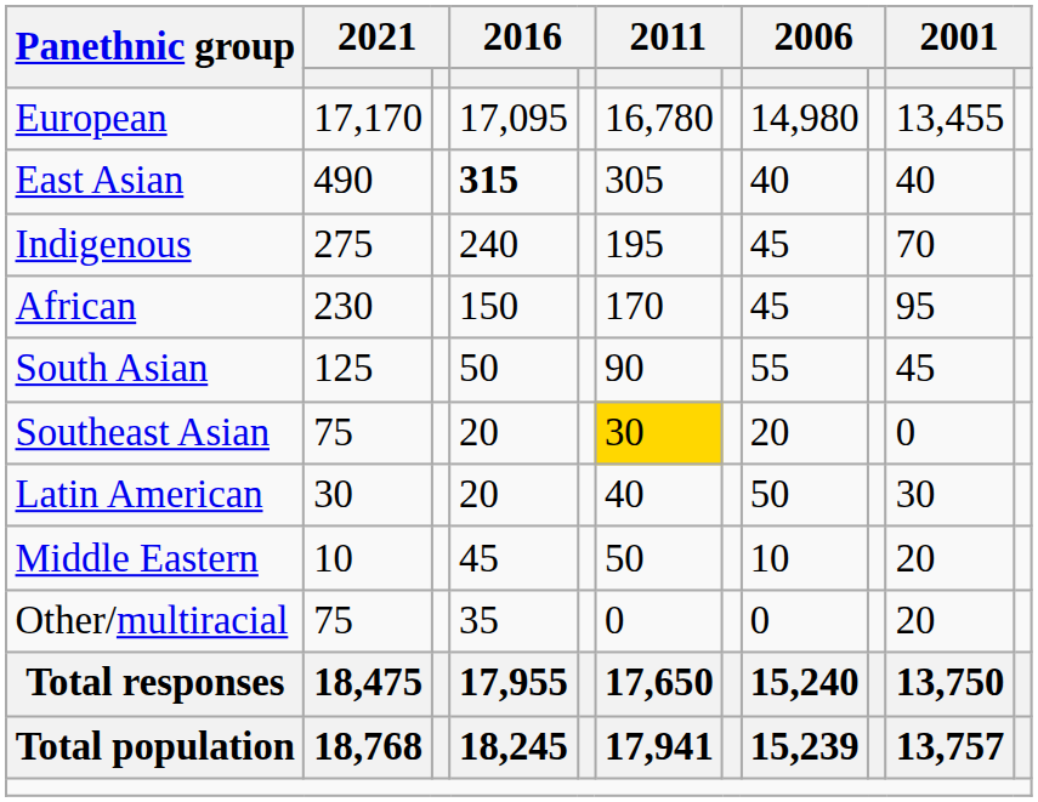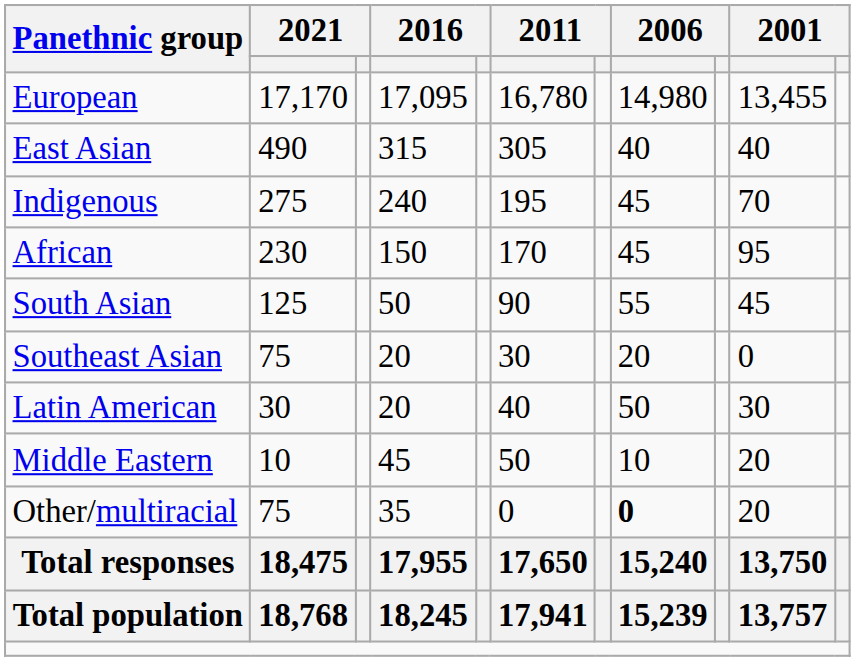 <table class="wikitable collapsible sortable">
 <tr>
 <th rowspan="2"><a href='#'>Panethnic</a> group</th>
 <th colspan="2">2021</th>
 <th colspan="2">2016</th>
 <th colspan="2">2011</th>
 <th colspan="2">2006</th>
 <th colspan="2">2001</th>
 </tr>
 <tr>
 <th><a href='#'></a></th>
 <th></th>
 <th></th>
 <th></th>
 <th></th>
 <th></th>
 <th></th>
 <th></th>
 <th></th>
 <th></th>
 </tr>
 <tr>
 <td><a href='#'>European</a></td>
 <td>17,170</td>
 <td></td>
 <td>17,095</td>
 <td></td>
 <td>16,780</td>
 <td></td>
 <td>14,980</td>
 <td></td>
 <td>13,455</td>
 <td></td>
 </tr>
 <tr>
 <td><a href='#'>East Asian</a></td>
 <td>490</td>
 <td></td>
-<td><strong>315</strong></td>
+<td>315</td>
 <td></td>
 <td>305</td>
 <td></td>
 <td>40</td>
 <td></td>
 <td>40</td>
 <td></td>
 </tr>
 <tr>
 <td><a href='#'>Indigenous</a></td>
 <td>275</td>
 <td></td>
 <td>240</td>
 <td></td>
 <td>195</td>
 <td></td>
 <td>45</td>
 <td></td>
 <td>70</td>
 <td></td>
 </tr>
 <tr>
 <td><a href='#'>African</a></td>
 <td>230</td>
 <td></td>
 <td>150</td>
 <td></td>
 <td>170</td>
 <td></td>
 <td>45</td>
 <td></td>
 <td>95</td>
 <td></td>
 </tr>
 <tr>
 <td><a href='#'>South Asian</a></td>
 <td>125</td>
 <td></td>
 <td>50</td>
 <td></td>
 <td>90</td>
 <td></td>
 <td>55</td>
 <td></td>
 <td>45</td>
 <td></td>
 </tr>
 <tr>
 <td><a href='#'>Southeast Asian</a></td>
 <td>75</td>
 <td></td>
 <td>20</td>
 <td></td>
-<td style="background: gold;">30</td>
+<td>30</td>
 <td></td>
 <td>20</td>
 <td></td>
 <td>0</td>
 <td></td>
 </tr>
 <tr>
 <td><a href='#'>Latin American</a></td>
 <td>30</td>
 <td></td>
 <td>20</td>
 <td></td>
 <td>40</td>
 <td></td>
 <td>50</td>
 <td></td>
 <td>30</td>
 <td></td>
 </tr>
 <tr>
 <td><a href='#'>Middle Eastern</a></td>
 <td>10</td>
 <td></td>
 <td>45</td>
 <td></td>
 <td>50</td>
 <td></td>
 <td>10</td>
 <td></td>
 <td>20</td>
 <td></td>
 </tr>
 <tr>
 <td>Other/<a href='#'>multiracial</a></td>
 <td>75</td>
 <td></td>
 <td>35</td>
 <td></td>
 <td>0</td>
 <td></td>
-<td>0</td>
+<td><strong>0</strong></td>
 <td></td>
 <td>20</td>
 <td></td>
 </tr>
 <tr>
 <th>Total responses</th>
 <th>18,475</th>
 <th></th>
 <th>17,955</th>
 <th></th>
 <th>17,650</th>
 <th></th>
 <th>15,240</th>
 <th></th>
 <th>13,750</th>
 <th></th>
 </tr>
 <tr class="sortbottom">
 <th>Total population</th>
 <th>18,768</th>
 <th></th>
 <th>18,245</th>
 <th></th>
 <th>17,941</th>
 <th></th>
 <th>15,239</th>
 <th></th>
 <th>13,757</th>
 <th></th>
 </tr>
 <tr class="sortbottom">
 <td colspan="11"></td>
 </tr>
 </table>
